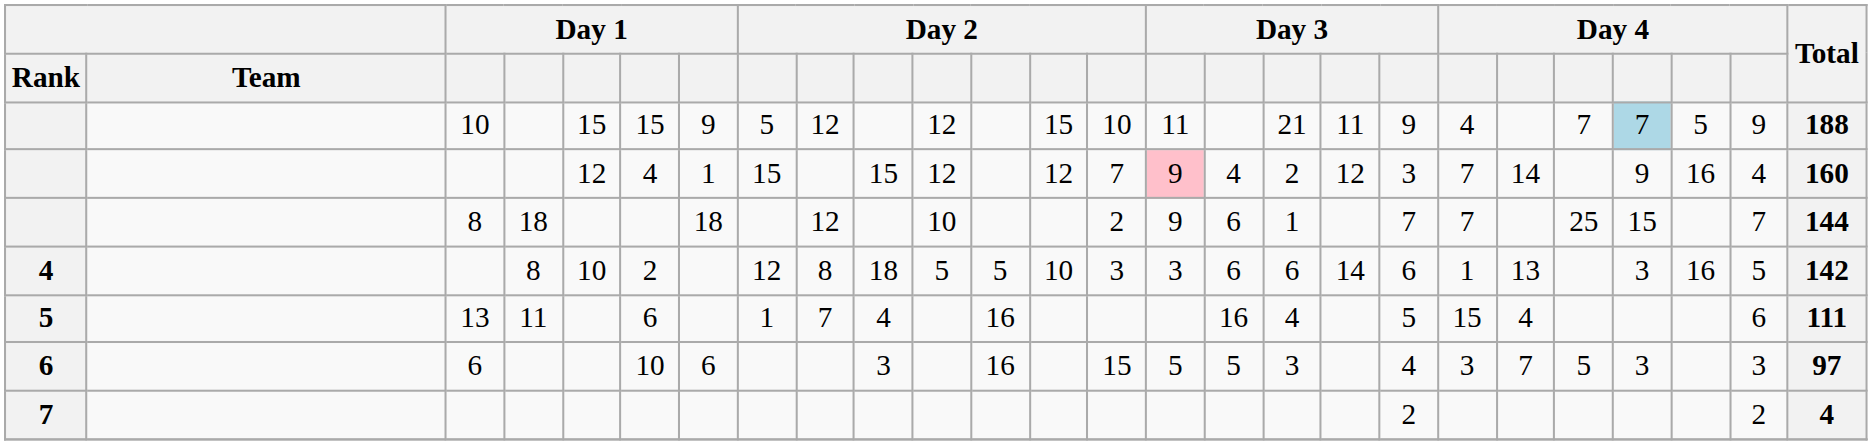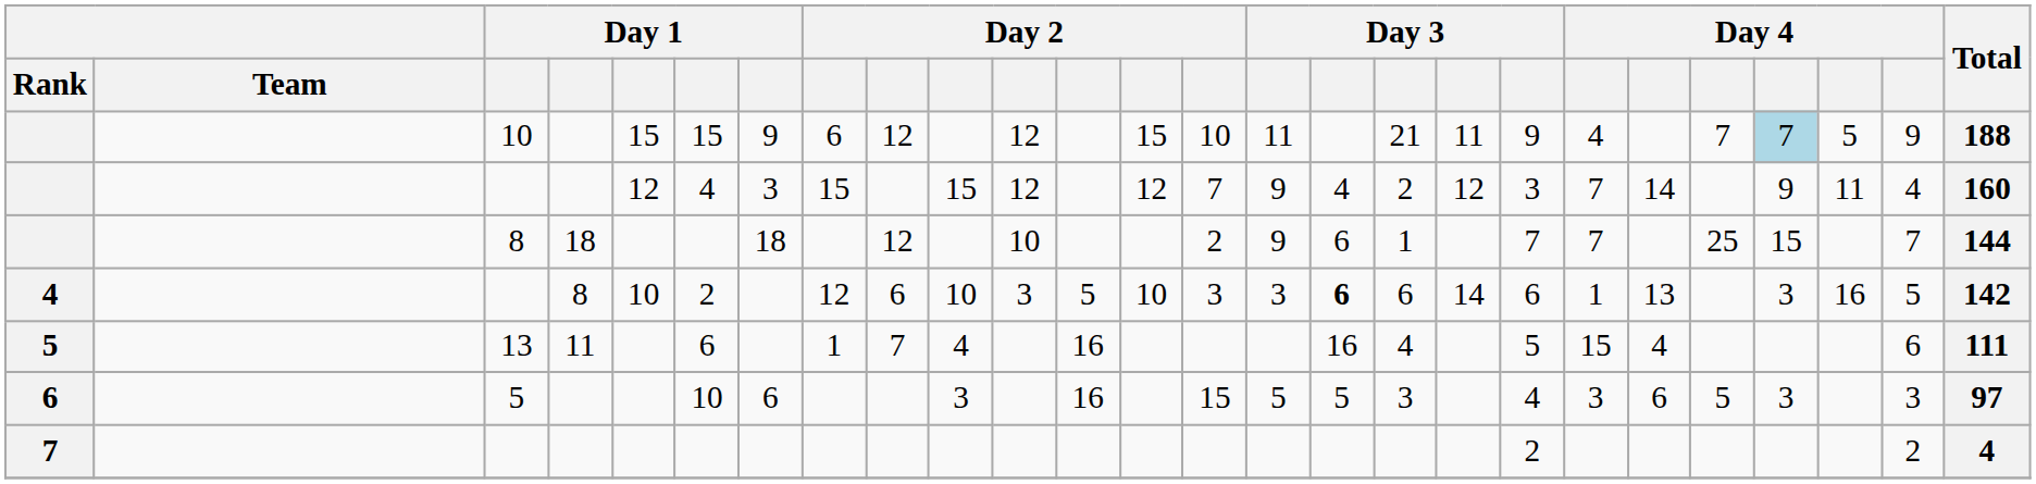 <table class="wikitable" style="text-align:center; font-size:90%;">
 <tr>
 <th colspan=2></th>
 <th colspan=5>Day 1</th>
 <th colspan=7>Day 2</th>
 <th colspan=5>Day 3</th>
 <th colspan=6>Day 4</th>
 <th rowspan=2>Total</th>
 </tr>
 <tr>
 <th>Rank</th>
 <th width=170px>Team</th>
 <th width=22px></th>
 <th width=22px></th>
 <th width=22px></th>
 <th width=22px></th>
 <th width=22px></th>
 <th width=22px></th>
 <th width=22px></th>
 <th width=22px></th>
 <th width=22px></th>
 <th width=22px></th>
 <th width=22px></th>
 <th width=22px></th>
 <th width=22px></th>
 <th width=22px></th>
 <th width=22px></th>
 <th width=22px></th>
 <th width=22px></th>
 <th width=22px></th>
 <th width=22px></th>
 <th width=22px></th>
 <th width=22px></th>
 <th width=22px></th>
 <th width=22px></th>
 </tr>
 <tr>
 <th></th>
 <td align="left"></td>
 <td>10</td>
 <td></td>
 <td>15</td>
 <td>15</td>
 <td>9</td>
-<td>5</td>
+<td>6</td>
 <td>12</td>
 <td></td>
 <td>12</td>
 <td></td>
 <td>15</td>
 <td>10</td>
 <td>11</td>
 <td></td>
 <td>21</td>
 <td>11</td>
 <td>9</td>
 <td>4</td>
 <td></td>
 <td>7</td>
 <td style="background: lightblue;">7</td>
 <td>5</td>
 <td>9</td>
 <th>188</th>
 </tr>
 <tr>
 <th></th>
 <td align="left"></td>
 <td></td>
 <td></td>
 <td>12</td>
 <td>4</td>
-<td>1</td>
+<td>3</td>
 <td>15</td>
 <td></td>
 <td>15</td>
 <td>12</td>
 <td></td>
 <td>12</td>
 <td>7</td>
-<td style="background: pink;">9</td>
+<td>9</td>
 <td>4</td>
 <td>2</td>
 <td>12</td>
 <td>3</td>
 <td>7</td>
 <td>14</td>
 <td></td>
 <td>9</td>
-<td>16</td>
+<td>11</td>
 <td>4</td>
 <th>160</th>
 </tr>
 <tr>
 <th></th>
 <td align="left"></td>
 <td>8</td>
 <td>18</td>
 <td></td>
 <td></td>
 <td>18</td>
 <td></td>
 <td>12</td>
 <td></td>
 <td>10</td>
 <td></td>
 <td></td>
 <td>2</td>
 <td>9</td>
 <td>6</td>
 <td>1</td>
 <td></td>
 <td>7</td>
 <td>7</td>
 <td></td>
 <td>25</td>
 <td>15</td>
 <td></td>
 <td>7</td>
 <th>144</th>
 </tr>
 <tr>
 <th>4</th>
 <td align="left"></td>
 <td></td>
 <td>8</td>
 <td>10</td>
 <td>2</td>
 <td></td>
 <td>12</td>
-<td>8</td>
-<td>18</td>
-<td>5</td>
+<td>6</td>
+<td>10</td>
+<td>3</td>
 <td>5</td>
 <td>10</td>
 <td>3</td>
 <td>3</td>
-<td>6</td>
+<td><strong>6</strong></td>
 <td>6</td>
 <td>14</td>
 <td>6</td>
 <td>1</td>
 <td>13</td>
 <td></td>
 <td>3</td>
 <td>16</td>
 <td>5</td>
 <th>142</th>
 </tr>
 <tr>
 <th>5</th>
 <td align="left"><strong></strong></td>
 <td>13</td>
 <td>11</td>
 <td></td>
 <td>6</td>
 <td></td>
 <td>1</td>
 <td>7</td>
 <td>4</td>
 <td></td>
 <td>16</td>
 <td></td>
 <td></td>
 <td></td>
 <td>16</td>
 <td>4</td>
 <td></td>
 <td>5</td>
 <td>15</td>
 <td>4</td>
 <td></td>
 <td></td>
 <td></td>
 <td>6</td>
 <th>111</th>
 </tr>
 <tr>
 <th>6</th>
 <td align="left"></td>
-<td>6</td>
+<td>5</td>
 <td></td>
 <td></td>
 <td>10</td>
 <td>6</td>
 <td></td>
 <td></td>
 <td>3</td>
 <td></td>
 <td>16</td>
 <td></td>
 <td>15</td>
 <td>5</td>
 <td>5</td>
 <td>3</td>
 <td></td>
 <td>4</td>
 <td>3</td>
-<td>7</td>
+<td>6</td>
 <td>5</td>
 <td>3</td>
 <td></td>
 <td>3</td>
 <th>97</th>
 </tr>
 <tr>
 <th>7</th>
 <td align="left"></td>
 <td></td>
 <td></td>
 <td></td>
 <td></td>
 <td></td>
 <td></td>
 <td></td>
 <td></td>
 <td></td>
 <td></td>
 <td></td>
 <td></td>
 <td></td>
 <td></td>
 <td></td>
 <td></td>
 <td>2</td>
 <td></td>
 <td></td>
 <td></td>
 <td></td>
 <td></td>
 <td>2</td>
 <th>4</th>
 </tr>
 <tr>
 </tr>
 </table>
